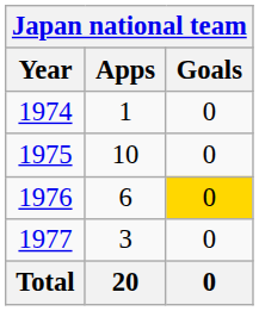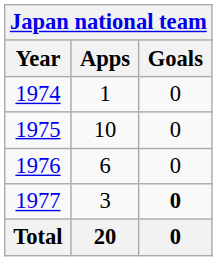 <table class="wikitable" style="text-align:center">
 <tr>
 <th colspan=3><a href='#'>Japan national team</a></th>
 </tr>
 <tr>
 <th>Year</th>
 <th>Apps</th>
 <th>Goals</th>
 </tr>
 <tr>
 <td><a href='#'>1974</a></td>
 <td>1</td>
 <td>0</td>
 </tr>
 <tr>
 <td><a href='#'>1975</a></td>
 <td>10</td>
 <td>0</td>
 </tr>
 <tr>
 <td><a href='#'>1976</a></td>
 <td>6</td>
-<td style="background: gold;">0</td>
+<td>0</td>
 </tr>
 <tr>
 <td><a href='#'>1977</a></td>
 <td>3</td>
-<td>0</td>
+<td><strong>0</strong></td>
 </tr>
 <tr>
 <th>Total</th>
 <th>20</th>
 <th>0</th>
 </tr>
 </table>
